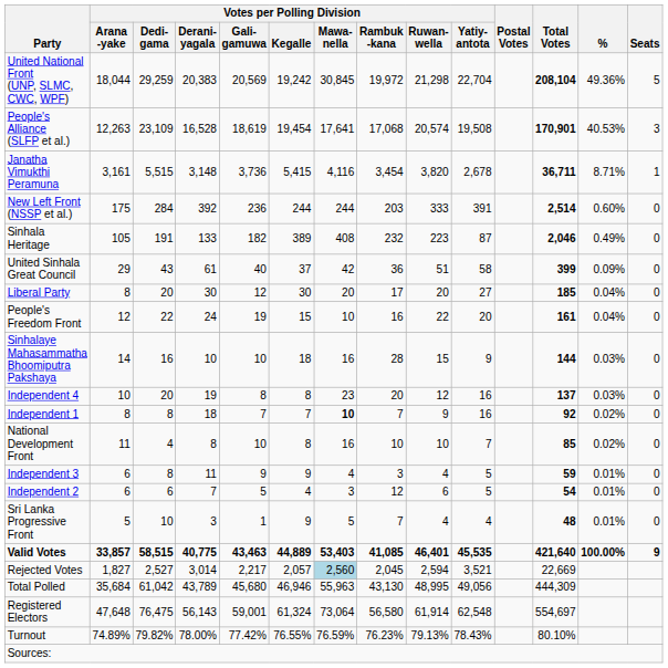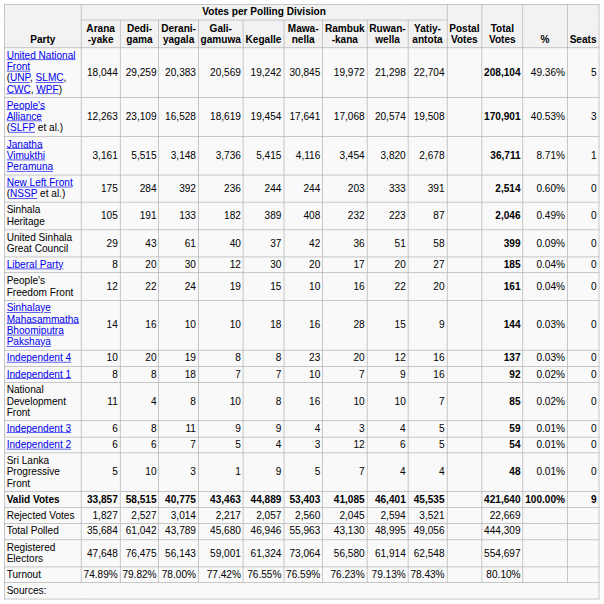 <table class="wikitable" border="1" style="text-align:right;">
 <tr>
 <th align=left valign=bottom rowspan=2 width="180">Party</th>
 <th colspan=9>Votes per Polling Division</th>
 <th align=center valign=bottom rowspan=2 width="50">Postal<br>Votes</th>
 <th align=center valign=bottom rowspan=2 width="50">Total Votes</th>
 <th align=center valign=bottom rowspan=2 width="50">%</th>
 <th align=center valign=bottom rowspan=2 width="40">Seats</th>
 </tr>
 <tr>
 <th align=center valign=bottom width="50">Arana<br>-yake</th>
 <th align=center valign=bottom width="50">Dedi-<br>gama</th>
 <th align=center valign=bottom width="50">Derani-<br>yagala</th>
 <th align=center valign=bottom width="50">Gali-<br>gamuwa</th>
 <th align=center valign=bottom width="50">Kegalle</th>
 <th align=center valign=bottom width="50">Mawa-<br>nella</th>
 <th align=center valign=bottom width="50">Rambuk<br>-kana</th>
 <th align=center valign=bottom width="50">Ruwan-<br>wella</th>
 <th align=center valign=bottom width="50">Yatiy-<br>antota</th>
 </tr>
 <tr>
 <td align=left><a href='#'>United National Front</a><br>(<a href='#'>UNP</a>, <a href='#'>SLMC</a>, <a href='#'>CWC</a>, <a href='#'>WPF</a>)</td>
 <td>18,044</td>
 <td>29,259</td>
 <td>20,383</td>
 <td>20,569</td>
 <td>19,242</td>
 <td>30,845</td>
 <td>19,972</td>
 <td>21,298</td>
 <td>22,704</td>
 <td></td>
 <td><strong>208,104</strong></td>
 <td>49.36%</td>
 <td>5</td>
 </tr>
 <tr>
 <td align=left><a href='#'>People's Alliance</a><br>(<a href='#'>SLFP</a> et al.)</td>
 <td>12,263</td>
 <td>23,109</td>
 <td>16,528</td>
 <td>18,619</td>
 <td>19,454</td>
 <td>17,641</td>
 <td>17,068</td>
 <td>20,574</td>
 <td>19,508</td>
 <td></td>
 <td><strong>170,901</strong></td>
 <td>40.53%</td>
 <td>3</td>
 </tr>
 <tr>
 <td align=left><a href='#'>Janatha Vimukthi Peramuna</a></td>
 <td>3,161</td>
 <td>5,515</td>
 <td>3,148</td>
 <td>3,736</td>
 <td>5,415</td>
 <td>4,116</td>
 <td>3,454</td>
 <td>3,820</td>
 <td>2,678</td>
 <td></td>
 <td><strong>36,711</strong></td>
 <td>8.71%</td>
 <td>1</td>
 </tr>
 <tr>
 <td align=left><a href='#'>New Left Front</a> (<a href='#'>NSSP</a> et al.)</td>
 <td>175</td>
 <td>284</td>
 <td>392</td>
 <td>236</td>
 <td>244</td>
 <td>244</td>
 <td>203</td>
 <td>333</td>
 <td>391</td>
 <td></td>
 <td><strong>2,514</strong></td>
 <td>0.60%</td>
 <td>0</td>
 </tr>
 <tr>
 <td align=left>Sinhala Heritage</td>
 <td>105</td>
 <td>191</td>
 <td>133</td>
 <td>182</td>
 <td>389</td>
 <td>408</td>
 <td>232</td>
 <td>223</td>
 <td>87</td>
 <td></td>
 <td><strong>2,046</strong></td>
 <td>0.49%</td>
 <td>0</td>
 </tr>
 <tr>
 <td align=left>United Sinhala Great Council</td>
 <td>29</td>
 <td>43</td>
 <td>61</td>
 <td>40</td>
 <td>37</td>
 <td>42</td>
 <td>36</td>
 <td>51</td>
 <td>58</td>
 <td></td>
 <td><strong>399</strong></td>
 <td>0.09%</td>
 <td>0</td>
 </tr>
 <tr>
 <td align=left><a href='#'>Liberal Party</a></td>
 <td>8</td>
 <td>20</td>
 <td>30</td>
 <td>12</td>
 <td>30</td>
 <td>20</td>
 <td>17</td>
 <td>20</td>
 <td>27</td>
 <td></td>
 <td><strong>185</strong></td>
 <td>0.04%</td>
 <td>0</td>
 </tr>
 <tr>
 <td align=left>People's Freedom Front</td>
 <td>12</td>
 <td>22</td>
 <td>24</td>
 <td>19</td>
 <td>15</td>
 <td>10</td>
 <td>16</td>
 <td>22</td>
 <td>20</td>
 <td></td>
 <td><strong>161</strong></td>
 <td>0.04%</td>
 <td>0</td>
 </tr>
 <tr>
 <td align=left><a href='#'>Sinhalaye Mahasammatha Bhoomiputra Pakshaya</a></td>
 <td>14</td>
 <td>16</td>
 <td>10</td>
 <td>10</td>
 <td>18</td>
 <td>16</td>
 <td>28</td>
 <td>15</td>
 <td>9</td>
 <td></td>
 <td><strong>144</strong></td>
 <td>0.03%</td>
 <td>0</td>
 </tr>
 <tr>
 <td align=left><a href='#'>Independent 4</a></td>
 <td>10</td>
 <td>20</td>
 <td>19</td>
 <td>8</td>
 <td>8</td>
 <td>23</td>
 <td>20</td>
 <td>12</td>
 <td>16</td>
 <td></td>
 <td><strong>137</strong></td>
 <td>0.03%</td>
 <td>0</td>
 </tr>
 <tr>
 <td align=left><a href='#'>Independent 1</a></td>
 <td>8</td>
 <td>8</td>
 <td>18</td>
 <td>7</td>
 <td>7</td>
-<td><strong>10</strong></td>
+<td>10</td>
 <td>7</td>
 <td>9</td>
 <td>16</td>
 <td></td>
 <td><strong>92</strong></td>
 <td>0.02%</td>
 <td>0</td>
 </tr>
 <tr>
 <td align=left>National Development Front</td>
 <td>11</td>
 <td>4</td>
 <td>8</td>
 <td>10</td>
 <td>8</td>
 <td>16</td>
 <td>10</td>
 <td>10</td>
 <td>7</td>
 <td></td>
 <td><strong>85</strong></td>
 <td>0.02%</td>
 <td>0</td>
 </tr>
 <tr>
 <td align=left><a href='#'>Independent 3</a></td>
 <td>6</td>
 <td>8</td>
 <td>11</td>
 <td>9</td>
 <td>9</td>
 <td>4</td>
 <td>3</td>
 <td>4</td>
 <td>5</td>
 <td></td>
 <td><strong>59</strong></td>
 <td>0.01%</td>
 <td>0</td>
 </tr>
 <tr>
 <td align=left><a href='#'>Independent 2</a></td>
 <td>6</td>
 <td>6</td>
 <td>7</td>
 <td>5</td>
 <td>4</td>
 <td>3</td>
 <td>12</td>
 <td>6</td>
 <td>5</td>
 <td></td>
 <td><strong>54</strong></td>
 <td>0.01%</td>
 <td>0</td>
 </tr>
 <tr>
 <td align=left>Sri Lanka Progressive Front</td>
 <td>5</td>
 <td>10</td>
 <td>3</td>
 <td>1</td>
 <td>9</td>
 <td>5</td>
 <td>7</td>
 <td>4</td>
 <td>4</td>
 <td></td>
 <td><strong>48</strong></td>
 <td>0.01%</td>
 <td>0</td>
 </tr>
 <tr>
 <td align=left><strong>Valid Votes</strong></td>
 <td><strong>33,857</strong></td>
 <td><strong>58,515</strong></td>
 <td><strong>40,775</strong></td>
 <td><strong>43,463</strong></td>
 <td><strong>44,889</strong></td>
 <td><strong>53,403</strong></td>
 <td><strong>41,085</strong></td>
 <td><strong>46,401</strong></td>
 <td><strong>45,535</strong></td>
 <td></td>
 <td><strong>421,640</strong></td>
 <td><strong>100.00%</strong></td>
 <td><strong>9</strong></td>
 </tr>
 <tr>
 <td align=left>Rejected Votes</td>
 <td>1,827</td>
 <td>2,527</td>
 <td>3,014</td>
 <td>2,217</td>
 <td>2,057</td>
-<td style="background: lightblue;">2,560</td>
+<td>2,560</td>
 <td>2,045</td>
 <td>2,594</td>
 <td>3,521</td>
 <td></td>
 <td>22,669</td>
 <td></td>
 <td></td>
 </tr>
 <tr>
 <td align=left>Total Polled</td>
 <td>35,684</td>
 <td>61,042</td>
 <td>43,789</td>
 <td>45,680</td>
 <td>46,946</td>
 <td>55,963</td>
 <td>43,130</td>
 <td>48,995</td>
 <td>49,056</td>
 <td></td>
 <td>444,309</td>
 <td></td>
 <td></td>
 </tr>
 <tr>
 <td align=left>Registered Electors</td>
 <td>47,648</td>
 <td>76,475</td>
 <td>56,143</td>
 <td>59,001</td>
 <td>61,324</td>
 <td>73,064</td>
 <td>56,580</td>
 <td>61,914</td>
 <td>62,548</td>
 <td></td>
 <td>554,697</td>
 <td></td>
 <td></td>
 </tr>
 <tr>
 <td align=left>Turnout</td>
 <td>74.89%</td>
 <td>79.82%</td>
 <td>78.00%</td>
 <td>77.42%</td>
 <td>76.55%</td>
 <td>76.59%</td>
 <td>76.23%</td>
 <td>79.13%</td>
 <td>78.43%</td>
 <td></td>
 <td>80.10%</td>
 <td></td>
 <td></td>
 </tr>
 <tr>
 <td align=left colspan=15>Sources:</td>
 </tr>
 </table>
